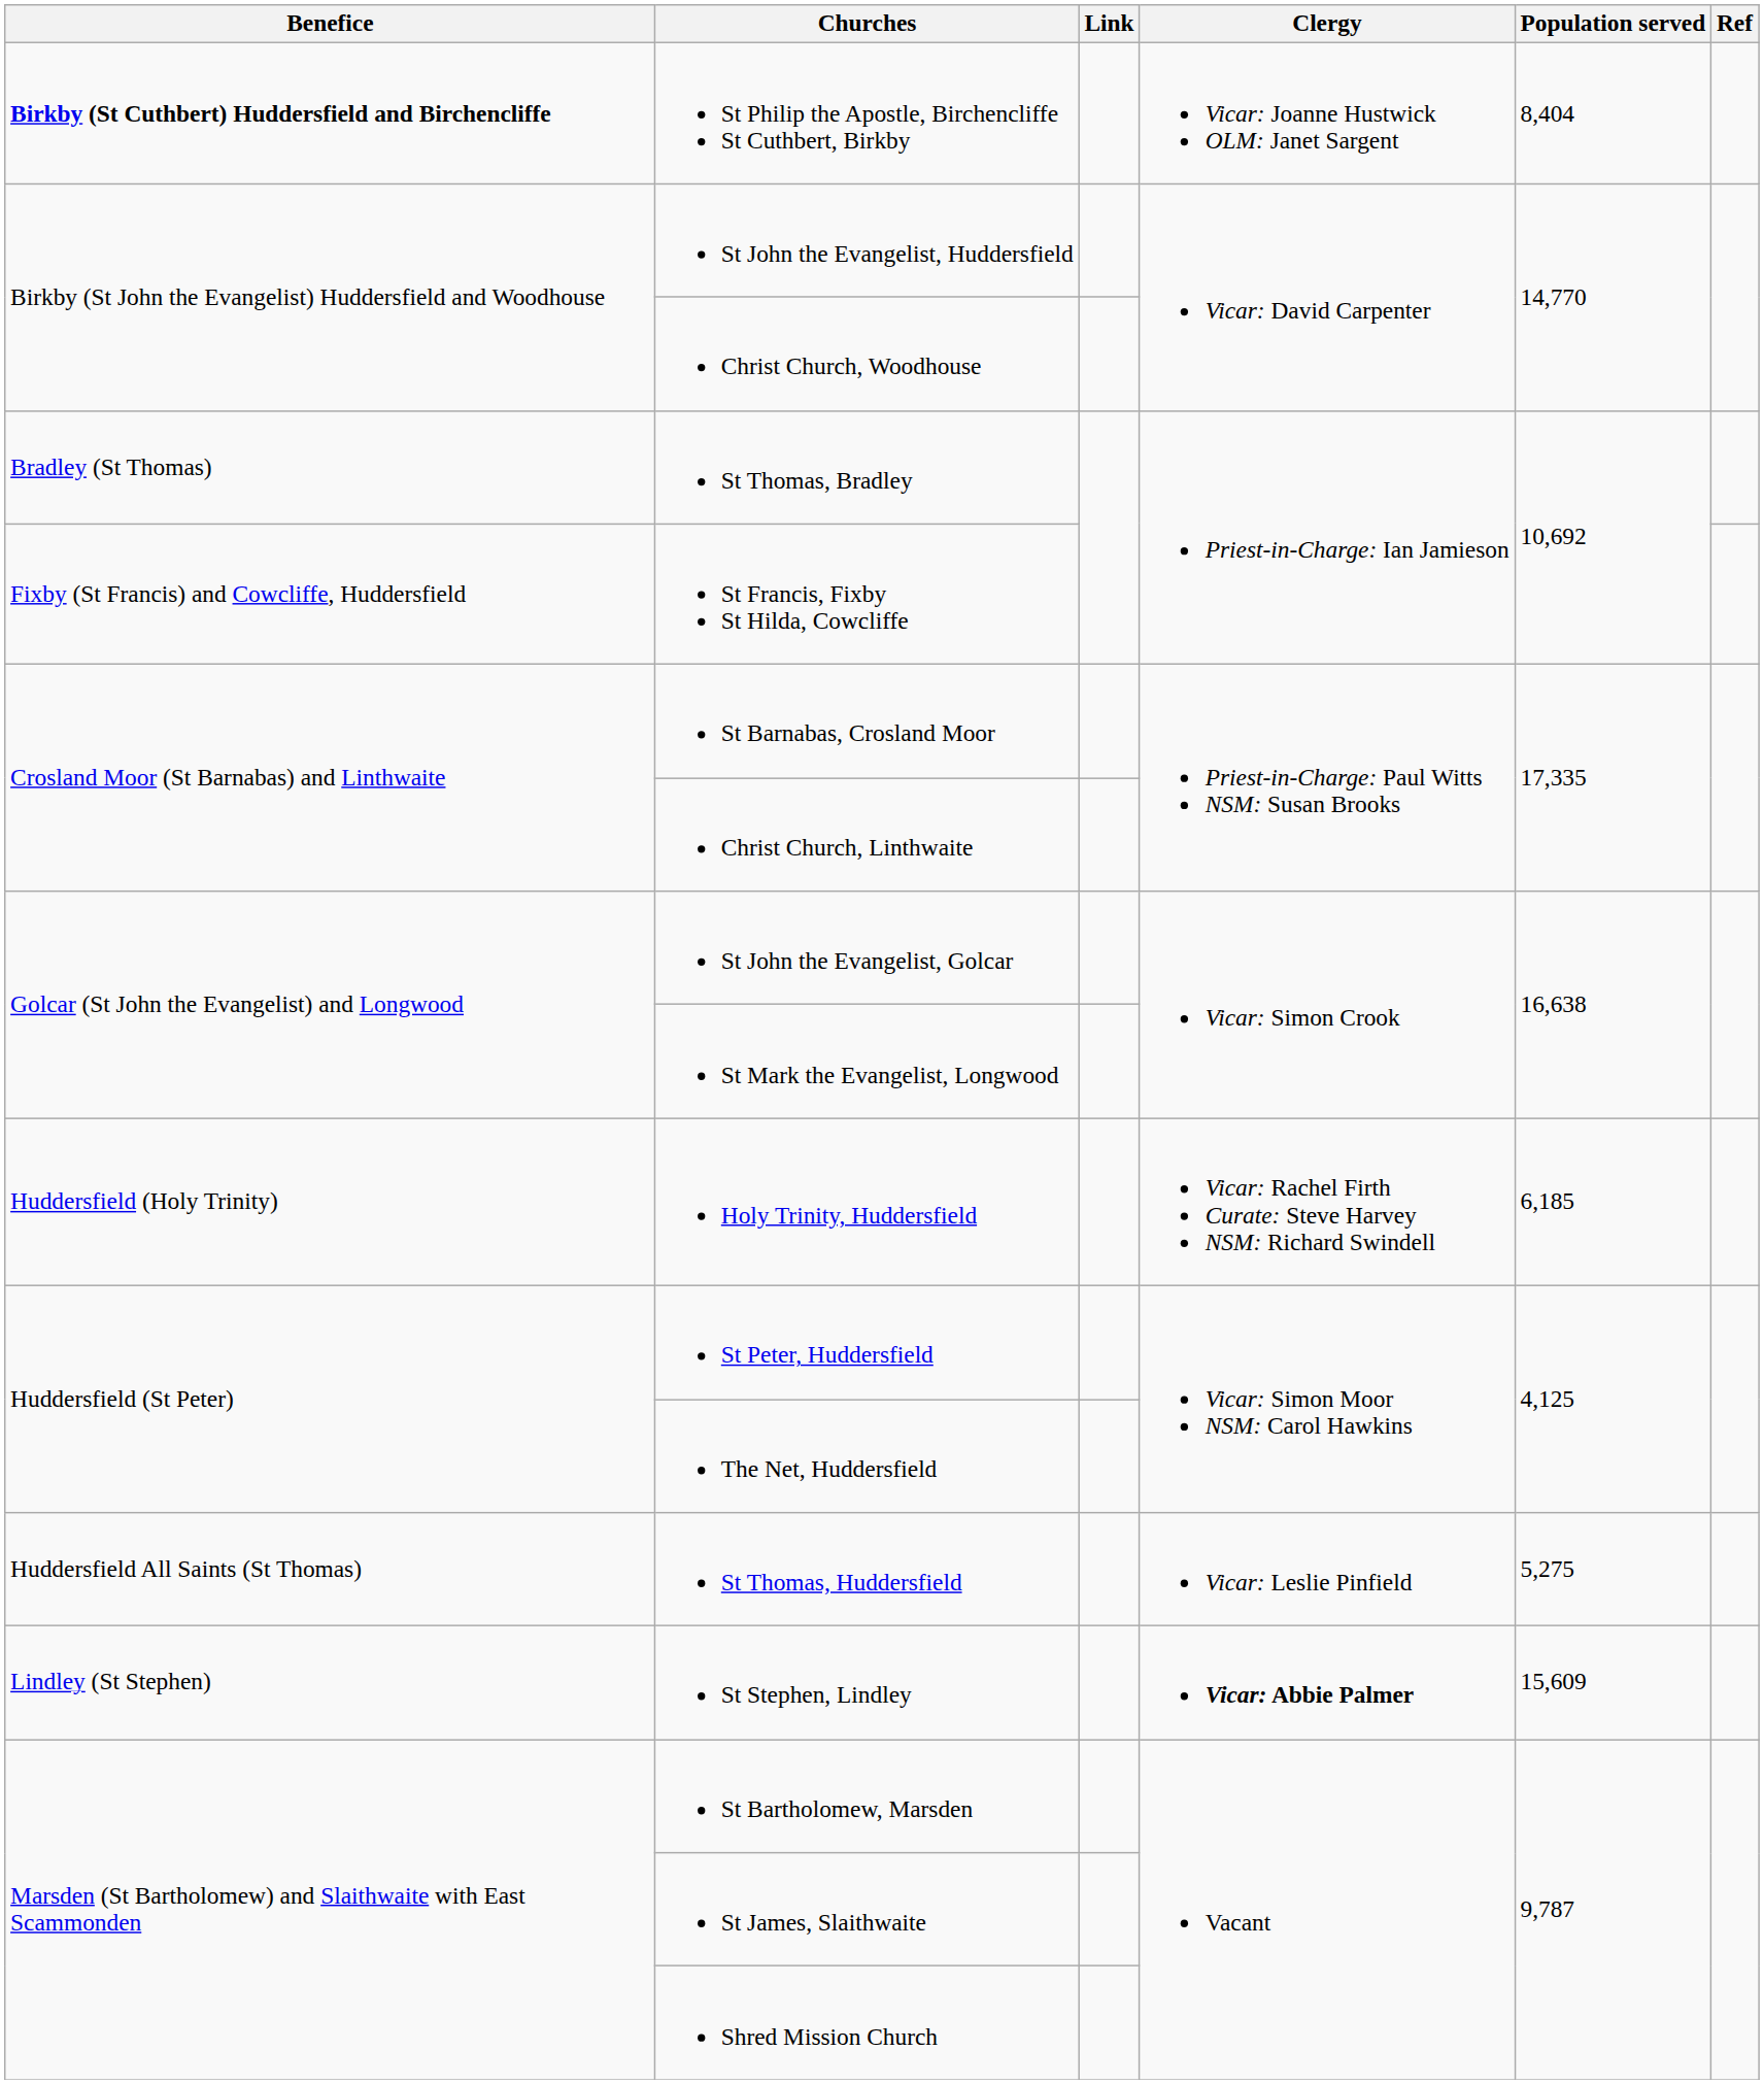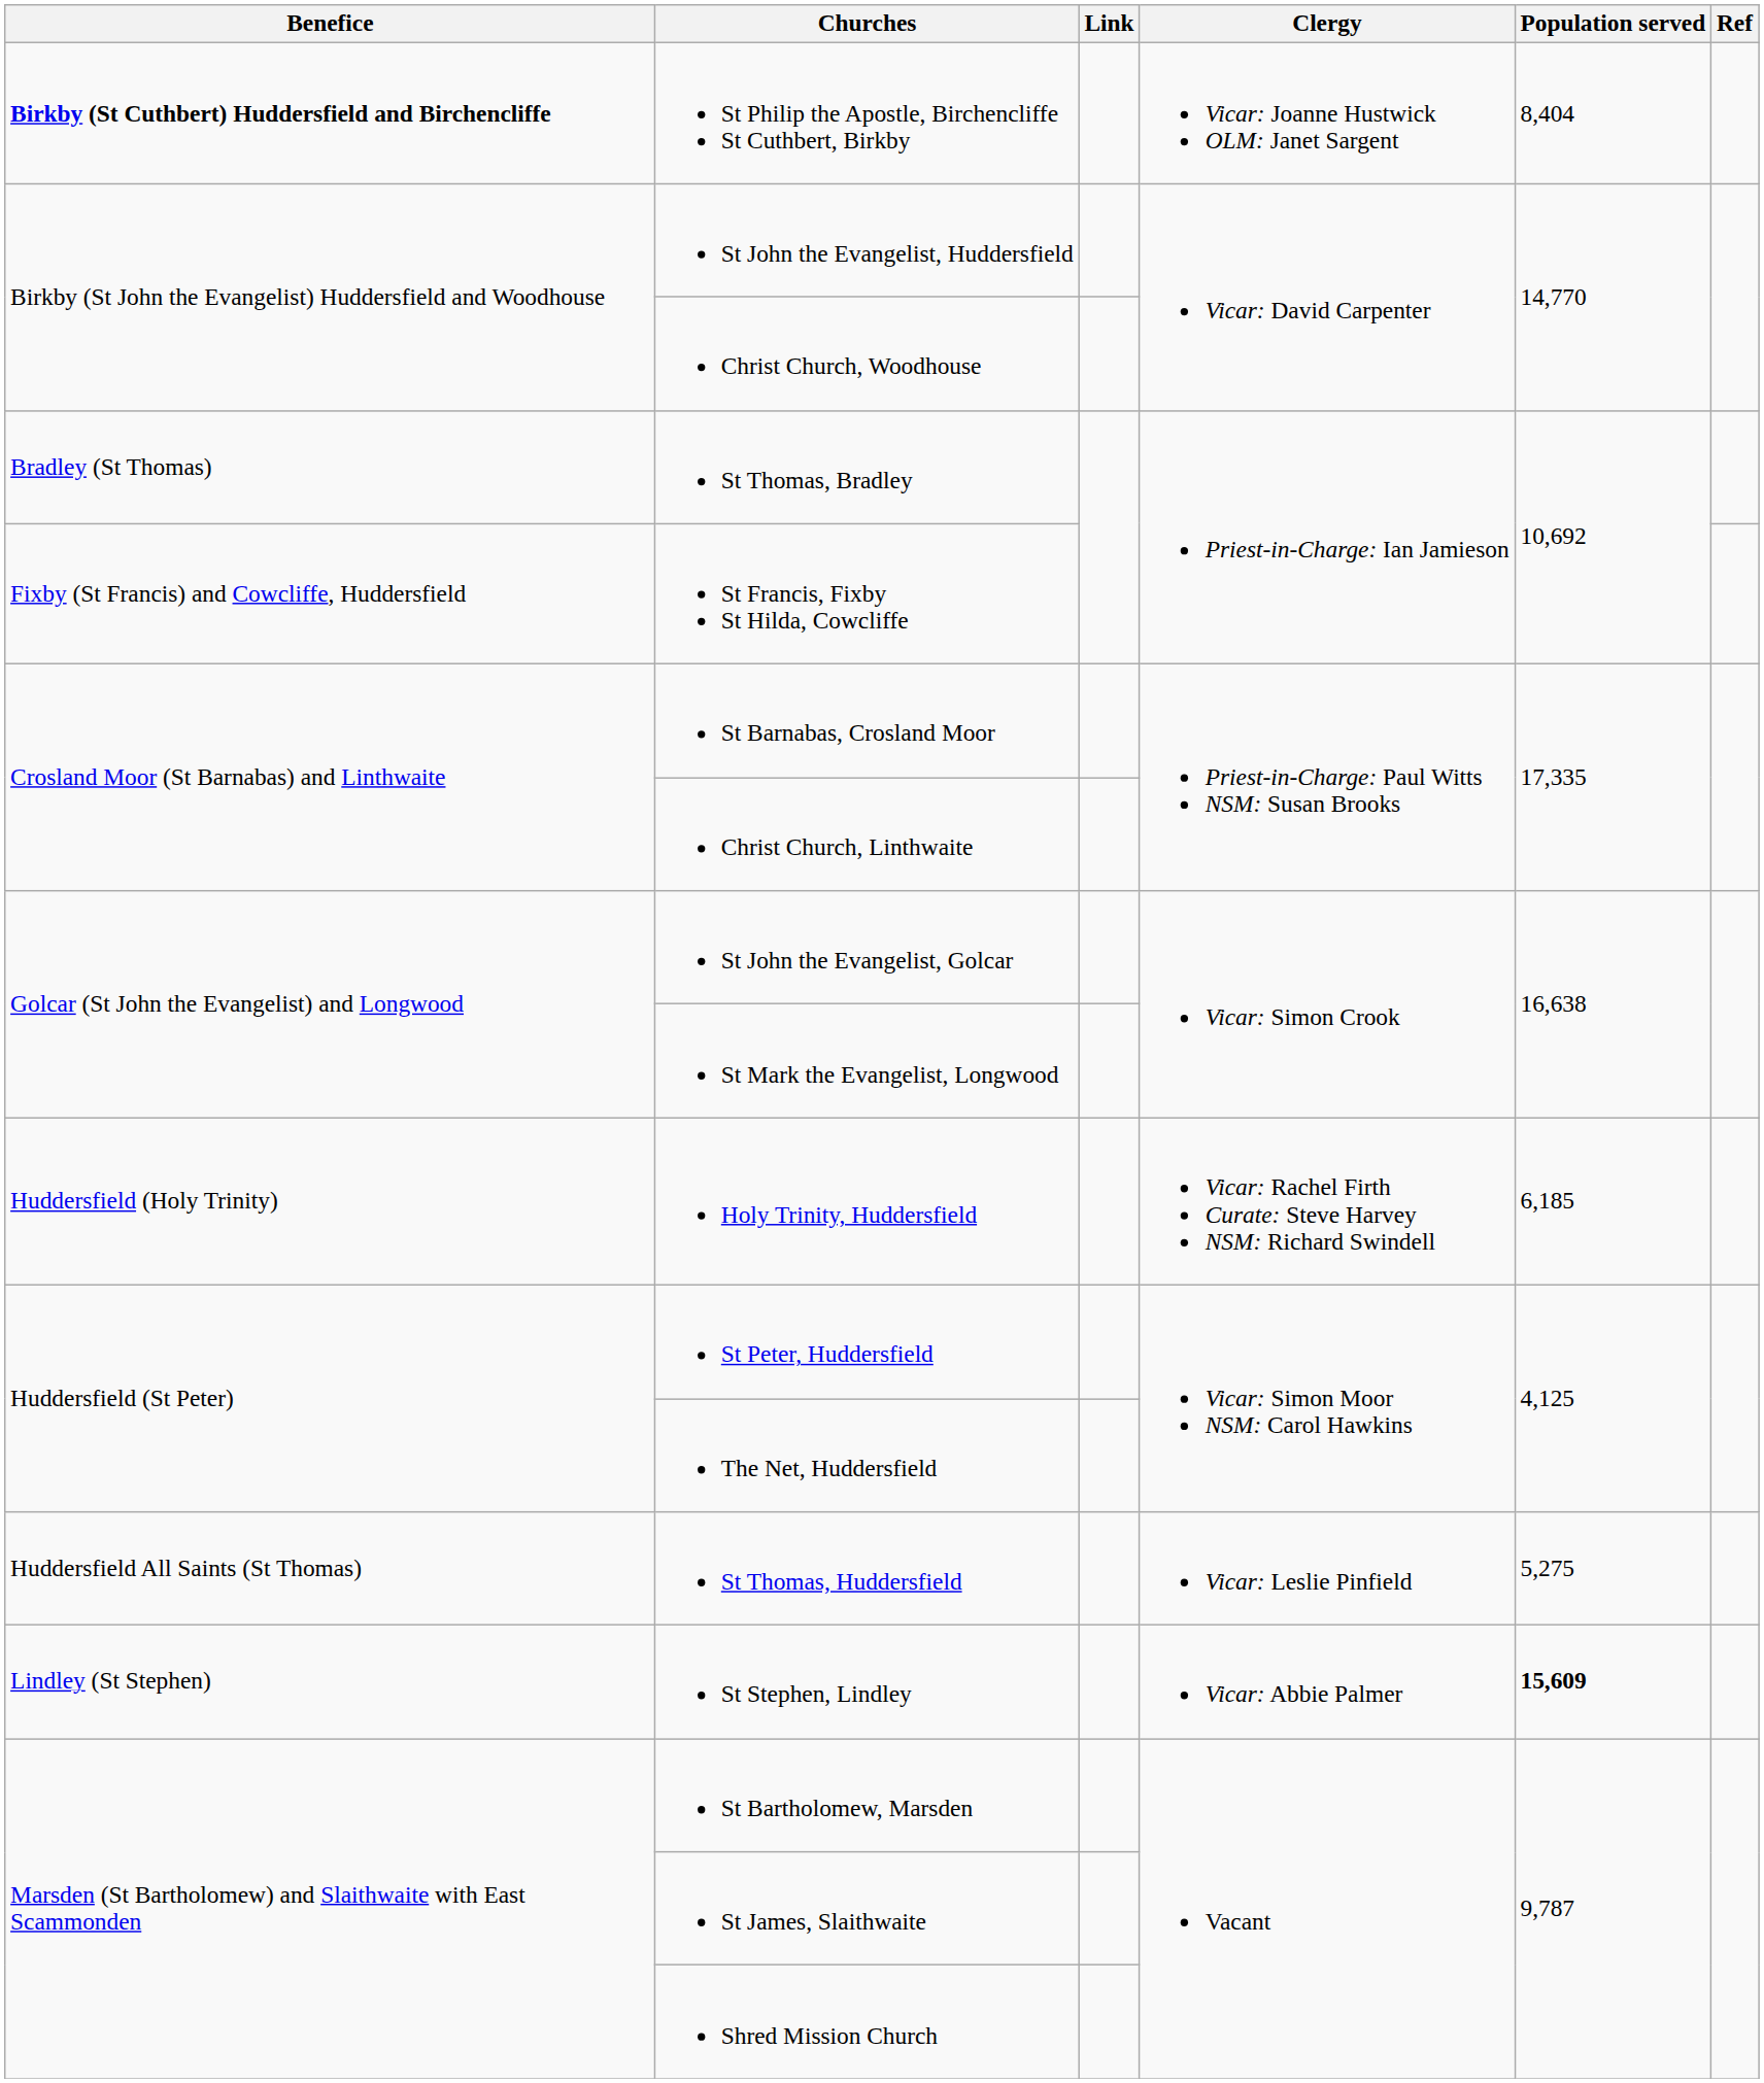 <table class="wikitable">
 <tr>
 <th style="width:425px;">Benefice</th>
 <th>Churches</th>
 <th>Link</th>
 <th>Clergy</th>
 <th>Population served</th>
 <th>Ref</th>
 </tr>
 <tr>
 <td><strong><a href='#'>Birkby</a> (St Cuthbert) Huddersfield and Birchencliffe</strong></td>
 <td><br><ul><li>St Philip the Apostle, Birchencliffe</li><li>St Cuthbert, Birkby</li></ul></td>
 <td></td>
 <td><br><ul><li><em>Vicar:</em> Joanne Hustwick</li><li><em>OLM:</em> Janet Sargent</li></ul></td>
 <td>8,404</td>
 <td></td>
 </tr>
 <tr>
 <td rowspan="2">Birkby (St John the Evangelist) Huddersfield and Woodhouse</td>
 <td><br><ul><li>St John the Evangelist, Huddersfield</li></ul></td>
 <td></td>
 <td rowspan="2"><br><ul><li><em>Vicar:</em> David Carpenter</li></ul></td>
 <td rowspan="2">14,770</td>
 <td rowspan="2"></td>
 </tr>
 <tr>
 <td><br><ul><li>Christ Church, Woodhouse</li></ul></td>
 <td></td>
 </tr>
 <tr>
 <td><a href='#'>Bradley</a> (St Thomas)</td>
 <td><br><ul><li>St Thomas, Bradley</li></ul></td>
 <td rowspan="2"></td>
 <td rowspan="2"><br><ul><li><em>Priest-in-Charge:</em> Ian Jamieson</li></ul></td>
 <td rowspan="2">10,692</td>
 <td></td>
 </tr>
 <tr>
 <td><a href='#'>Fixby</a> (St Francis) and <a href='#'>Cowcliffe</a>, Huddersfield</td>
 <td><br><ul><li>St Francis, Fixby</li><li>St Hilda, Cowcliffe</li></ul></td>
 <td></td>
 </tr>
 <tr>
 <td rowspan="2"><a href='#'>Crosland Moor</a> (St Barnabas) and <a href='#'>Linthwaite</a></td>
 <td><br><ul><li>St Barnabas, Crosland Moor</li></ul></td>
 <td></td>
 <td rowspan="2"><br><ul><li><em>Priest-in-Charge:</em> Paul Witts</li><li><em>NSM:</em> Susan Brooks</li></ul></td>
 <td rowspan="2">17,335</td>
 <td rowspan="2"></td>
 </tr>
 <tr>
 <td><br><ul><li>Christ Church, Linthwaite</li></ul></td>
 <td></td>
 </tr>
 <tr>
 <td rowspan="2"><a href='#'>Golcar</a> (St John the Evangelist) and <a href='#'>Longwood</a></td>
 <td><br><ul><li>St John the Evangelist, Golcar</li></ul></td>
 <td></td>
 <td rowspan="2"><br><ul><li><em>Vicar:</em> Simon Crook</li></ul></td>
 <td rowspan="2">16,638</td>
 <td rowspan="2"></td>
 </tr>
 <tr>
 <td><br><ul><li>St Mark the Evangelist, Longwood</li></ul></td>
 <td></td>
 </tr>
 <tr>
 <td><a href='#'>Huddersfield</a> (Holy Trinity)</td>
 <td><br><ul><li><a href='#'>Holy Trinity, Huddersfield</a></li></ul></td>
 <td></td>
 <td><br><ul><li><em>Vicar:</em> Rachel Firth</li><li><em>Curate:</em> Steve Harvey</li><li><em>NSM:</em> Richard Swindell</li></ul></td>
 <td>6,185</td>
 <td></td>
 </tr>
 <tr>
 <td rowspan="2">Huddersfield (St Peter)</td>
 <td><br><ul><li><a href='#'>St Peter, Huddersfield</a></li></ul></td>
 <td></td>
 <td rowspan="2"><br><ul><li><em>Vicar:</em> Simon Moor</li><li><em>NSM:</em> Carol Hawkins</li></ul></td>
 <td rowspan="2">4,125</td>
 <td rowspan="2"></td>
 </tr>
 <tr>
 <td><br><ul><li>The Net, Huddersfield</li></ul></td>
 <td></td>
 </tr>
 <tr>
 <td>Huddersfield All Saints (St Thomas)</td>
 <td><br><ul><li><a href='#'>St Thomas, Huddersfield</a></li></ul></td>
 <td></td>
 <td><br><ul><li><em>Vicar:</em> Leslie Pinfield</li></ul></td>
 <td>5,275</td>
 <td></td>
 </tr>
 <tr>
 <td><a href='#'>Lindley</a> (St Stephen)</td>
 <td><br><ul><li>St Stephen, Lindley</li></ul></td>
 <td></td>
-<td><strong><br><ul><li><em>Vicar:</em> Abbie Palmer</li></ul></strong></td>
-<td>15,609</td>
+<td><br><ul><li><em>Vicar:</em> Abbie Palmer</li></ul></td>
+<td><strong>15,609</strong></td>
 <td></td>
 </tr>
 <tr>
 <td rowspan="3"><a href='#'>Marsden</a> (St Bartholomew) and <a href='#'>Slaithwaite</a> with East <a href='#'>Scammonden</a></td>
 <td><br><ul><li>St Bartholomew, Marsden</li></ul></td>
 <td></td>
 <td rowspan="3"><br><ul><li>Vacant</li></ul></td>
 <td rowspan="3">9,787</td>
 <td rowspan="3"></td>
 </tr>
 <tr>
 <td><br><ul><li>St James, Slaithwaite</li></ul></td>
 <td></td>
 </tr>
 <tr>
 <td><br><ul><li>Shred Mission Church</li></ul></td>
 <td></td>
 </tr>
 </table>
